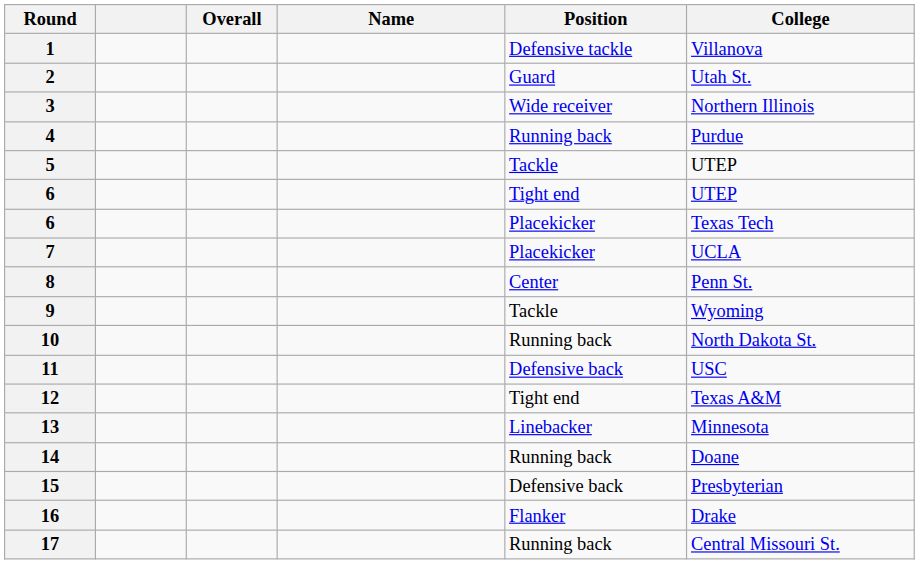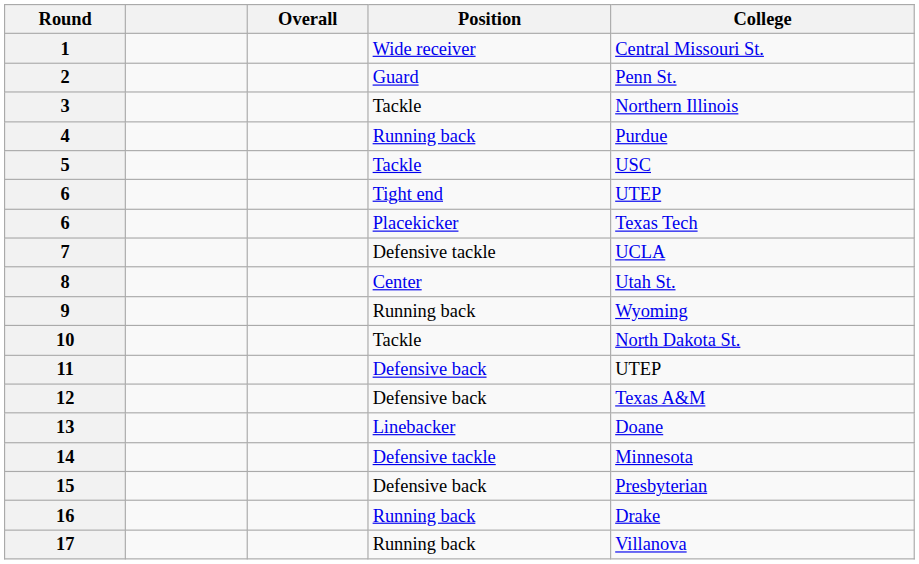 <table class="wikitable sortable" style="width: 50%;">
 <tr>
 <th scope="col" style="width: 10%;">Round</th>
 <th scope="col" style="width: 10%;"></th>
 <th scope="col" style="width: 10%;">Overall</th>
-<th scope="col" style="width: 25%;">Name</th>
 <th scope="col" style="width: 20%;">Position</th>
 <th scope="col" style="width: 25%;">College</th>
 </tr>
 <tr>
 <th scope="row">1</th>
 <td></td>
 <td></td>
-<td></td>
-<td><a href='#'>Defensive tackle</a></td>
-<td><a href='#'>Villanova</a></td>
+<td><a href='#'>Wide receiver</a></td>
+<td><a href='#'>Central Missouri St.</a></td>
 </tr>
 <tr>
 <th scope="row">2</th>
 <td></td>
 <td></td>
-<td></td>
 <td><a href='#'>Guard</a></td>
-<td><a href='#'>Utah St.</a></td>
+<td><a href='#'>Penn St.</a></td>
 </tr>
 <tr>
 <th scope="row">3</th>
 <td></td>
 <td></td>
-<td></td>
-<td><a href='#'>Wide receiver</a></td>
+<td>Tackle</td>
 <td><a href='#'>Northern Illinois</a></td>
 </tr>
 <tr>
 <th scope="row">4</th>
-<td></td>
 <td></td>
 <td></td>
 <td><a href='#'>Running back</a></td>
 <td><a href='#'>Purdue</a></td>
 </tr>
 <tr>
 <th scope="row">5</th>
 <td></td>
 <td></td>
-<td></td>
 <td><a href='#'>Tackle</a></td>
-<td>UTEP</td>
+<td><a href='#'>USC</a></td>
 </tr>
 <tr>
 <th scope="row">6</th>
-<td></td>
 <td></td>
 <td></td>
 <td><a href='#'>Tight end</a></td>
 <td><a href='#'>UTEP</a></td>
 </tr>
 <tr>
 <th scope="row">6</th>
 <td></td>
 <td></td>
-<td></td>
 <td><a href='#'>Placekicker</a></td>
 <td><a href='#'>Texas Tech</a></td>
 </tr>
 <tr>
 <th scope="row">7</th>
 <td></td>
 <td></td>
-<td></td>
-<td><a href='#'>Placekicker</a></td>
+<td>Defensive tackle</td>
 <td><a href='#'>UCLA</a></td>
 </tr>
 <tr>
 <th scope="row">8</th>
 <td></td>
 <td></td>
-<td></td>
 <td><a href='#'>Center</a></td>
-<td><a href='#'>Penn St.</a></td>
+<td><a href='#'>Utah St.</a></td>
 </tr>
 <tr>
 <th scope="row">9</th>
 <td></td>
 <td></td>
-<td></td>
-<td>Tackle</td>
+<td>Running back</td>
 <td><a href='#'>Wyoming</a></td>
 </tr>
 <tr>
 <th scope="row">10</th>
 <td></td>
 <td></td>
-<td></td>
-<td>Running back</td>
+<td>Tackle</td>
 <td><a href='#'>North Dakota St.</a></td>
 </tr>
 <tr>
 <th scope="row">11</th>
 <td></td>
 <td></td>
-<td></td>
 <td><a href='#'>Defensive back</a></td>
-<td><a href='#'>USC</a></td>
+<td>UTEP</td>
 </tr>
 <tr>
 <th scope="row">12</th>
 <td></td>
 <td></td>
-<td></td>
-<td>Tight end</td>
+<td>Defensive back</td>
 <td><a href='#'>Texas A&M</a></td>
 </tr>
 <tr>
 <th scope="row">13</th>
 <td></td>
 <td></td>
-<td></td>
 <td><a href='#'>Linebacker</a></td>
-<td><a href='#'>Minnesota</a></td>
+<td><a href='#'>Doane</a></td>
 </tr>
 <tr>
 <th scope="row">14</th>
 <td></td>
 <td></td>
-<td></td>
-<td>Running back</td>
-<td><a href='#'>Doane</a></td>
+<td><a href='#'>Defensive tackle</a></td>
+<td><a href='#'>Minnesota</a></td>
 </tr>
 <tr>
 <th scope="row">15</th>
-<td></td>
 <td></td>
 <td></td>
 <td>Defensive back</td>
 <td><a href='#'>Presbyterian</a></td>
 </tr>
 <tr>
 <th scope="row">16</th>
 <td></td>
 <td></td>
-<td></td>
-<td><a href='#'>Flanker</a></td>
+<td><a href='#'>Running back</a></td>
 <td><a href='#'>Drake</a></td>
 </tr>
 <tr>
 <th scope="row">17</th>
 <td></td>
 <td></td>
-<td></td>
 <td>Running back</td>
-<td><a href='#'>Central Missouri St.</a></td>
+<td><a href='#'>Villanova</a></td>
 </tr>
 </table>
